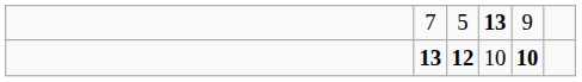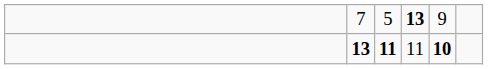 <table class="wikitable">
 <tr>
 <td style="width:18em"></td>
 <td align=center style="width:1em">7</td>
 <td align=center style="width:1em">5</td>
 <td align=center style="width:1em"><strong>13</strong></td>
 <td align=center style="width:1em">9</td>
 <td align=center style="width:1em"></td>
 </tr>
 <tr>
 <td style="width:18em"><strong></strong></td>
 <td align=center style="width:1em"><strong>13</strong></td>
-<td align=center style="width:1em"><strong>12</strong></td>
-<td align=center style="width:1em">10</td>
+<td align=center style="width:1em"><strong>11</strong></td>
+<td align=center style="width:1em">11</td>
 <td align=center style="width:1em"><strong>10</strong></td>
 <td align=center style="width:1em"></td>
 </tr>
 </table>
